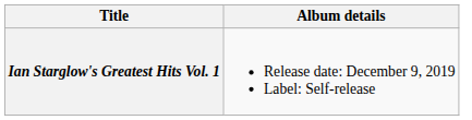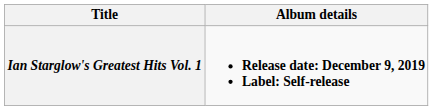 <table class="wikitable plainrowheaders">
 <tr>
 <th>Title</th>
 <th>Album details</th>
 </tr>
 <tr>
 <th scope="row"><em>Ian Starglow's Greatest Hits Vol. 1</em><br></th>
-<td><br><ul><li>Release date: December 9, 2019</li><li>Label: Self-release</li></ul></td>
+<td><strong><br><ul><li>Release date: December 9, 2019</li><li>Label: Self-release</li></ul></strong></td>
 </tr>
 </table>
